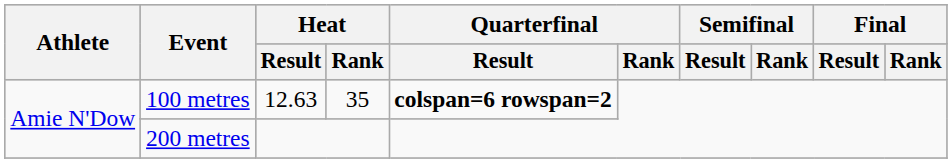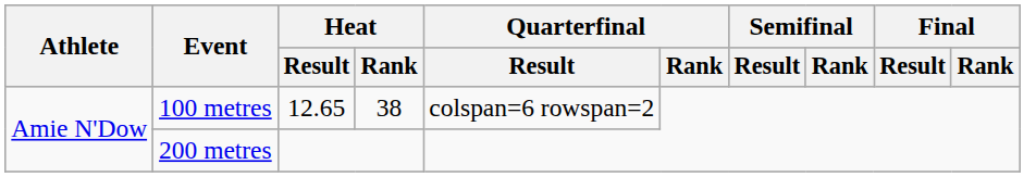 <table class=wikitable style=font-size:90%>
 <tr>
 <th rowspan=2>Athlete</th>
 <th rowspan=2>Event</th>
 <th colspan=2>Heat</th>
 <th colspan=2>Quarterfinal</th>
 <th colspan=2>Semifinal</th>
 <th colspan=2>Final</th>
 </tr>
 <tr style=font-size:95%>
 <th>Result</th>
 <th>Rank</th>
 <th>Result</th>
 <th>Rank</th>
 <th>Result</th>
 <th>Rank</th>
 <th>Result</th>
 <th>Rank</th>
 </tr>
 <tr align=center>
 <td align=left rowspan=2><a href='#'>Amie N'Dow</a></td>
 <td align=left><a href='#'>100 metres</a></td>
-<td>12.63</td>
-<td>35</td>
-<td><strong>colspan=6 rowspan=2 </strong></td>
+<td>12.65</td>
+<td>38</td>
+<td>colspan=6 rowspan=2 </td>
 </tr>
 <tr align=center>
 <td align=left><a href='#'>200 metres</a></td>
 <td colspan=2></td>
 </tr>
 </table>
